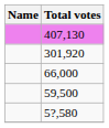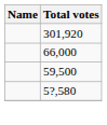 <table class="wikitable" style="width: auto">
 <tr>
 <th>Name</th>
 <th>Total votes</th>
-</tr>
-<tr style="background:violet">
-<td></td>
-<td>407,130</td>
 </tr>
 <tr>
 <td></td>
 <td>301,920</td>
 </tr>
 <tr>
 <td></td>
 <td>66,000</td>
 </tr>
 <tr>
 <td></td>
 <td>59,500</td>
 </tr>
 <tr>
 <td></td>
 <td>5?,580</td>
 </tr>
 <tr>
 </tr>
 </table>
